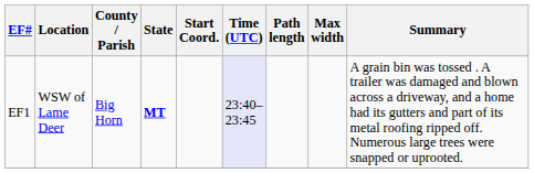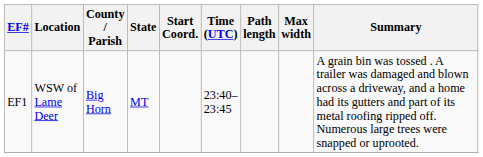 <table class="wikitable sortable" style="width:100%;">
 <tr>
 <th scope="col"  style="width:3%; text-align:center;"><a href='#'>EF#</a></th>
 <th scope="col"  style="width:7%; text-align:center;" class="unsortable">Location</th>
 <th scope="col"  style="width:6%; text-align:center;" class="unsortable">County / Parish</th>
 <th scope="col"  style="width:5%; text-align:center;">State</th>
 <th scope="col"  style="width:6%; text-align:center;">Start Coord.</th>
 <th scope="col"  style="width:6%; text-align:center;">Time (<a href='#'>UTC</a>)</th>
 <th scope="col"  style="width:6%; text-align:center;">Path length</th>
 <th scope="col"  style="width:6%; text-align:center;">Max width</th>
 <th scope="col" class="unsortable" style="width:48%; text-align:center;">Summary</th>
 </tr>
 <tr>
 <td bgcolor=>EF1</td>
 <td>WSW of <a href='#'>Lame Deer</a></td>
 <td><a href='#'>Big Horn</a></td>
-<td><strong><a href='#'>MT</a></strong></td>
+<td><a href='#'>MT</a></td>
 <td></td>
-<td style="background: lavender;">23:40–23:45</td>
+<td>23:40–23:45</td>
 <td></td>
 <td></td>
 <td>A  grain bin was tossed . A trailer was damaged and blown across a driveway, and a home had its gutters and part of its metal roofing ripped off. Numerous large trees were snapped or uprooted.</td>
 </tr>
 <tr>
 </tr>
 </table>
